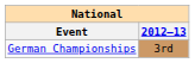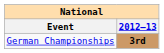 <table class="wikitable" style="text-align:center">
 <tr>
 <th style="background-color: #ffdead; " colspan=2 align=center>National</th>
 </tr>
 <tr>
 <th>Event</th>
 <th><a href='#'>2012–13</a></th>
 </tr>
 <tr>
 <td align=left><a href='#'>German Championships</a></td>
-<td bgcolor=cc9966>3rd</td>
+<td bgcolor=cc9966><strong>3rd</strong></td>
 </tr>
 </table>
